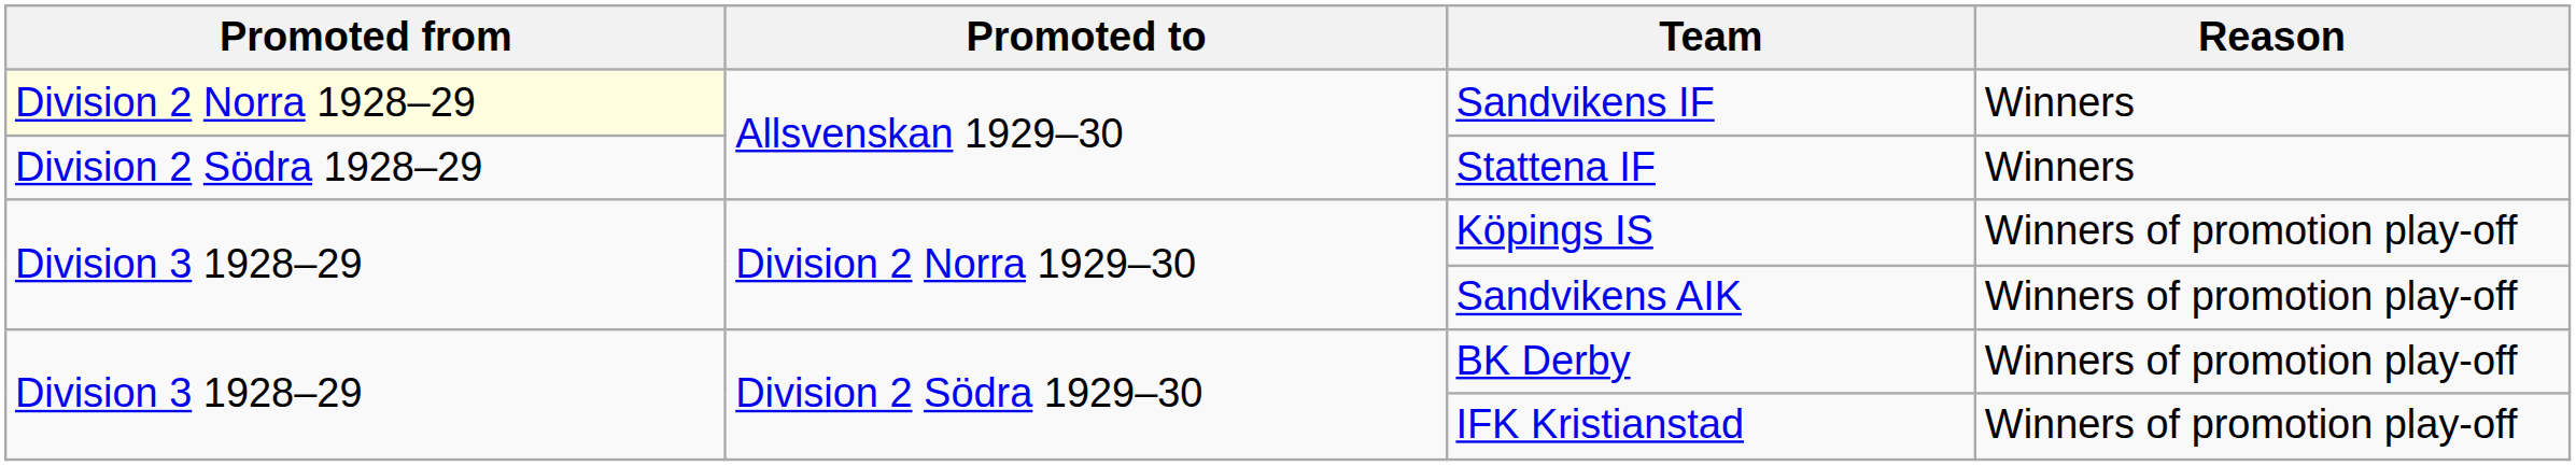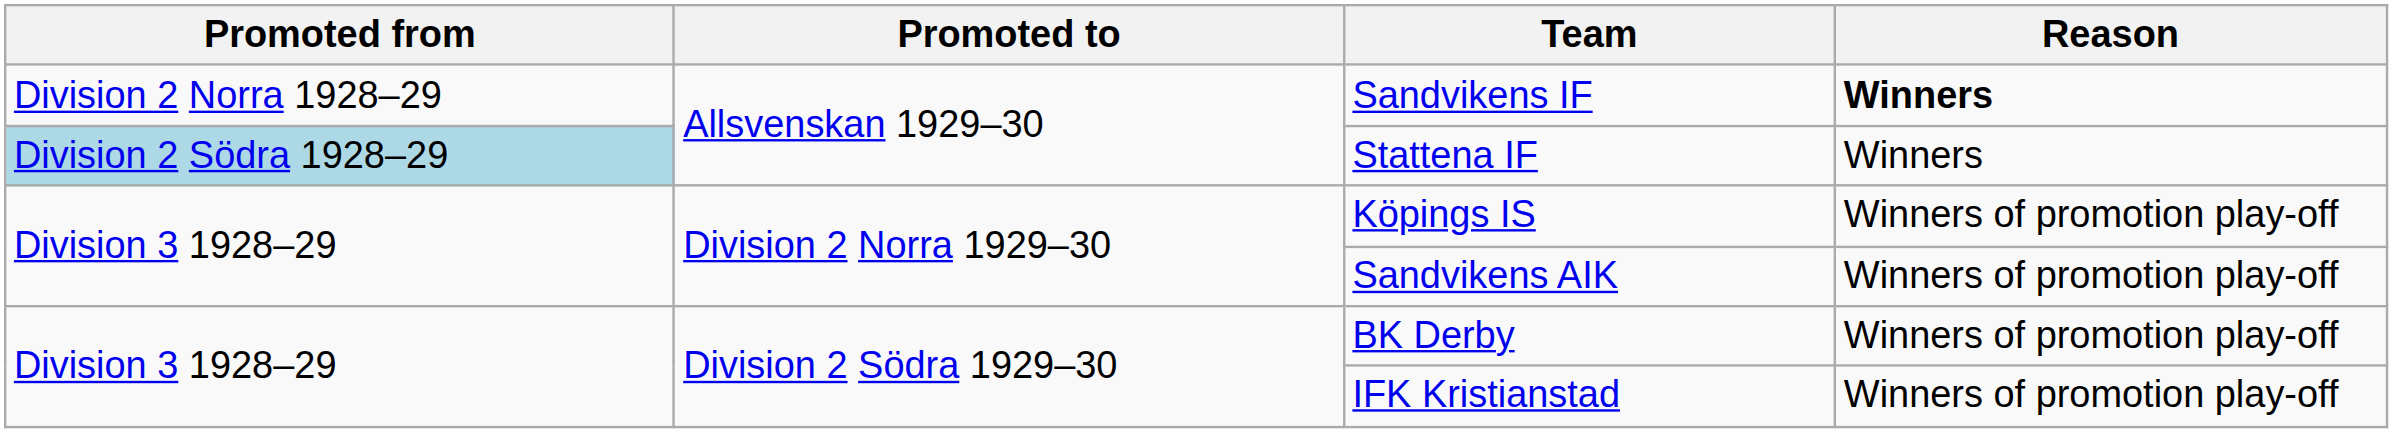 <table class="wikitable" style="text-align: left;">
 <tr>
 <th style="width: 275px;">Promoted from</th>
 <th style="width: 275px;">Promoted to</th>
 <th style="width: 200px;">Team</th>
 <th style="width: 225px;">Reason</th>
 </tr>
 <tr>
-<td style="background: lightyellow;"><a href='#'>Division 2</a> <a href='#'>Norra</a> 1928–29</td>
+<td><a href='#'>Division 2</a> <a href='#'>Norra</a> 1928–29</td>
 <td rowspan=2><a href='#'>Allsvenskan</a> 1929–30</td>
 <td><a href='#'>Sandvikens IF</a></td>
-<td>Winners</td>
+<td><strong>Winners</strong></td>
 </tr>
 <tr>
-<td><a href='#'>Division 2</a> <a href='#'>Södra</a> 1928–29</td>
+<td style="background: lightblue;"><a href='#'>Division 2</a> <a href='#'>Södra</a> 1928–29</td>
 <td><a href='#'>Stattena IF</a></td>
 <td>Winners</td>
 </tr>
 <tr>
 <td rowspan=2><a href='#'>Division 3</a> 1928–29</td>
 <td rowspan=2><a href='#'>Division 2</a> <a href='#'>Norra</a> 1929–30</td>
 <td><a href='#'>Köpings IS</a></td>
 <td>Winners of promotion play-off</td>
 </tr>
 <tr>
 <td><a href='#'>Sandvikens AIK</a></td>
 <td>Winners of promotion play-off</td>
 </tr>
 <tr>
 <td rowspan=2><a href='#'>Division 3</a> 1928–29</td>
 <td rowspan=2><a href='#'>Division 2</a> <a href='#'>Södra</a> 1929–30</td>
 <td><a href='#'>BK Derby</a></td>
 <td>Winners of promotion play-off</td>
 </tr>
 <tr>
 <td><a href='#'>IFK Kristianstad</a></td>
 <td>Winners of promotion play-off</td>
 </tr>
 </table>
